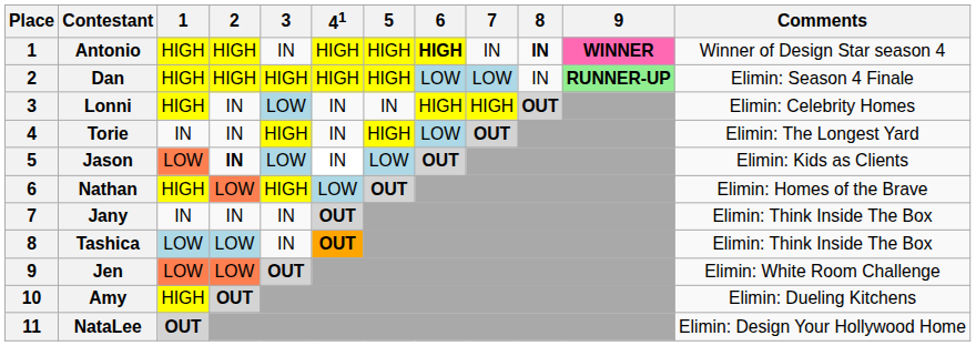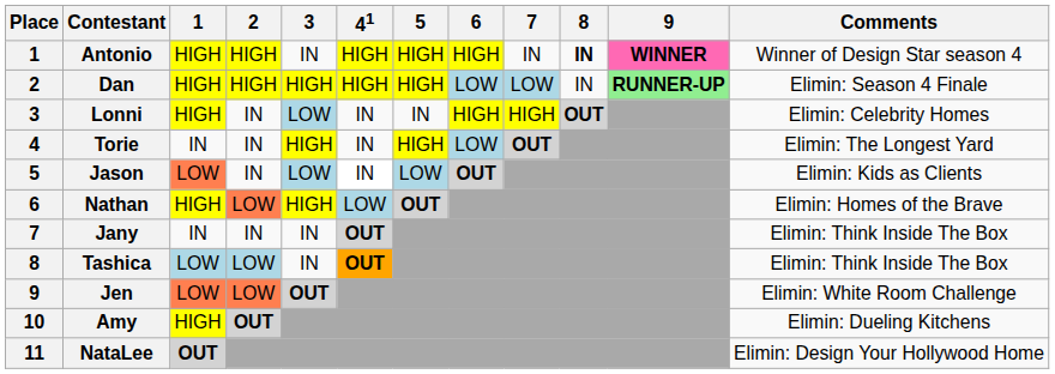 <table class="wikitable" style="text-align:center;">
 <tr>
 </tr>
 <tr>
 <th>Place</th>
 <th>Contestant</th>
 <th>1</th>
 <th>2</th>
 <th>3</th>
 <th>4<sup>1</sup></th>
 <th>5</th>
 <th>6</th>
 <th>7</th>
 <th>8</th>
 <th>9</th>
 <th>Comments</th>
 </tr>
 <tr>
 <th>1</th>
 <th>Antonio</th>
 <td style="background:yellow;">HIGH</td>
 <td style="background:yellow;">HIGH</td>
 <td>IN</td>
 <td style="background:yellow;">HIGH</td>
 <td style="background:yellow;">HIGH</td>
-<td style="background:yellow;"><strong>HIGH</strong></td>
+<td style="background:yellow;">HIGH</td>
 <td>IN</td>
 <td><strong>IN</strong></td>
 <td bgcolor="hotpink"><strong>WINNER</strong></td>
 <td>Winner of Design Star season 4</td>
 </tr>
 <tr>
 <th>2</th>
 <th>Dan</th>
 <td style="background:yellow;">HIGH</td>
 <td style="background:yellow;">HIGH</td>
 <td style="background:yellow;">HIGH</td>
 <td style="background:yellow;">HIGH</td>
 <td style="background:yellow;">HIGH</td>
 <td style="background:lightblue;">LOW</td>
 <td style="background:lightblue;">LOW</td>
 <td>IN</td>
 <td bgcolor="lightgreen"><strong>RUNNER-UP</strong></td>
 <td>Elimin: Season 4 Finale</td>
 </tr>
 <tr>
 <th>3</th>
 <th>Lonni</th>
 <td style="background:yellow;">HIGH</td>
 <td>IN</td>
 <td style="background:lightblue;">LOW</td>
 <td>IN</td>
 <td>IN</td>
 <td style="background:yellow;">HIGH</td>
 <td style="background:yellow;">HIGH</td>
 <td style="background:lightgrey;"><strong>OUT</strong></td>
 <td colspan=1 style="background:darkgray;"></td>
 <td>Elimin: Celebrity Homes</td>
 </tr>
 <tr>
 <th>4</th>
 <th>Torie</th>
 <td>IN</td>
 <td>IN</td>
 <td style="background:yellow;">HIGH</td>
 <td>IN</td>
 <td style="background:yellow;">HIGH</td>
 <td style="background:lightblue;">LOW</td>
 <td colspan=1 style="background:lightgrey;"><strong>OUT</strong></td>
 <td colspan=2 style="background:darkgray;"></td>
 <td>Elimin: The Longest Yard</td>
 </tr>
 <tr>
 <th>5</th>
 <th>Jason</th>
 <td style="background:coral;">LOW</td>
-<td><strong>IN</strong></td>
+<td>IN</td>
 <td style="background:lightblue;">LOW</td>
 <td style="background:white;">IN</td>
 <td style="background:lightblue;">LOW</td>
 <td style="background:lightgrey;"><strong>OUT</strong></td>
 <td colspan=3 style="background:darkgray;"></td>
 <td>Elimin: Kids as Clients</td>
 </tr>
 <tr>
 <th>6</th>
 <th>Nathan</th>
 <td style="background:yellow;">HIGH</td>
 <td style="background:coral;">LOW</td>
 <td style="background:yellow;">HIGH</td>
 <td style="background:lightblue;">LOW</td>
 <td style="background:lightgrey;"><strong>OUT</strong></td>
 <td colspan=4 style="background:darkgray;"></td>
 <td>Elimin: Homes of the Brave</td>
 </tr>
 <tr>
 <th>7</th>
 <th>Jany</th>
 <td>IN</td>
 <td>IN</td>
 <td>IN</td>
 <td style="background:lightgrey;"><strong>OUT</strong></td>
 <td colspan=5 style="background:darkgray;"></td>
 <td>Elimin: Think Inside The Box</td>
 </tr>
 <tr>
 <th>8</th>
 <th>Tashica</th>
 <td style="background:lightblue;">LOW</td>
 <td style="background:lightblue;">LOW</td>
 <td>IN</td>
 <td style="background:orange;"><strong>OUT</strong></td>
 <td colspan=5 style="background:darkgray;"></td>
 <td>Elimin: Think Inside The Box</td>
 </tr>
 <tr>
 <th>9</th>
 <th>Jen</th>
 <td style="background:coral;">LOW</td>
 <td style="background:coral;">LOW</td>
 <td style="background:lightgrey;"><strong>OUT</strong></td>
 <td colspan=6 style="background:darkgray;"></td>
 <td>Elimin: White Room Challenge</td>
 </tr>
 <tr>
 <th>10</th>
 <th>Amy</th>
 <td style="background:yellow;">HIGH</td>
 <td style="background:lightgrey;"><strong>OUT</strong></td>
 <td colspan=7 style="background:darkgray;"></td>
 <td>Elimin: Dueling Kitchens</td>
 </tr>
 <tr>
 <th>11</th>
 <th>NataLee</th>
 <td style="background:lightgrey;"><strong>OUT</strong></td>
 <td colspan=8 style="background:darkgray;"></td>
 <td>Elimin: Design Your Hollywood Home</td>
 </tr>
 </table>
